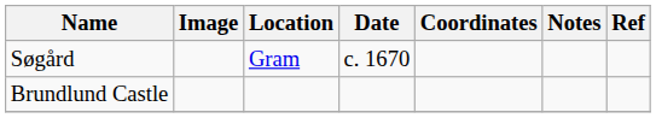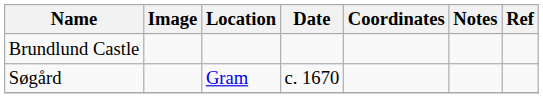 <table class="wikitable sortable">
 <tr>
 <th>Name</th>
 <th>Image</th>
 <th>Location</th>
 <th>Date</th>
 <th>Coordinates</th>
 <th>Notes</th>
 <th>Ref</th>
 </tr>
 <tr>
+<td>Brundlund Castle</td>
+<td></td>
+<td></td>
+<td></td>
+<td></td>
+<td></td>
+<td></td>
+</tr>
+<tr>
 <td>Søgård</td>
 <td></td>
 <td><a href='#'>Gram</a></td>
 <td>c. 1670</td>
 <td></td>
 <td></td>
 <td></td>
 </tr>
 <tr>
-<td>Brundlund Castle</td>
-<td></td>
-<td></td>
-<td></td>
-<td></td>
-<td></td>
-<td></td>
-</tr>
-<tr>
 </tr>
 </table>
